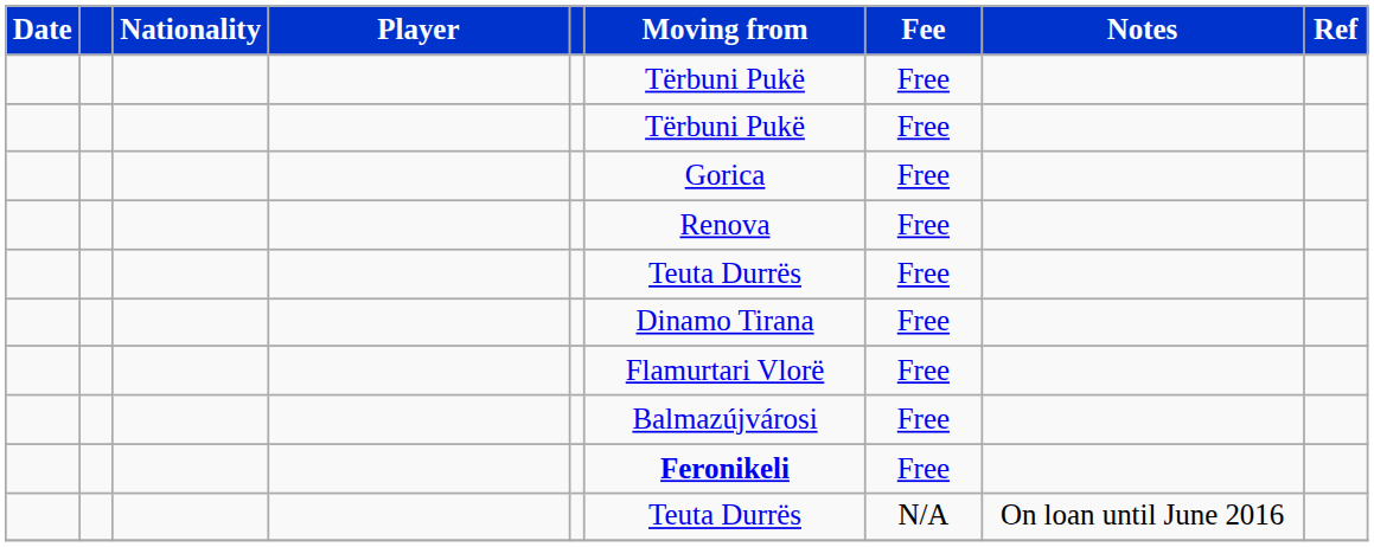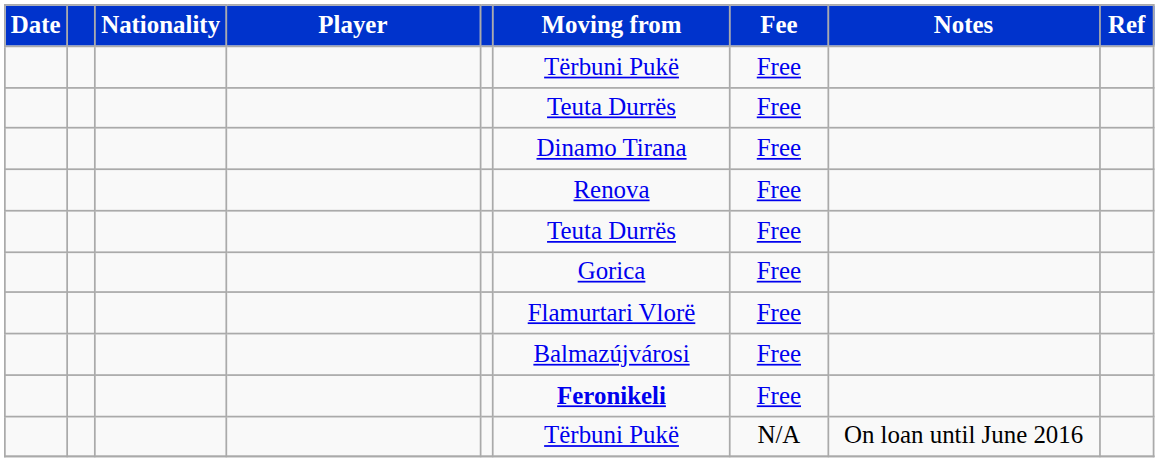 <table class="wikitable"  style="text-align:center; font-size:90%; ">
 <tr>
 <th style="background:#03c; color:white; width:15px;">Date</th>
 <th style="background:#03c; color:white; width:10px;"></th>
 <th style="background:#03c; color:white; width:10px;">Nationality</th>
 <th style="background:#03c; color:white; width:140px;">Player</th>
 <th style="background:#03c; color:white; width:1px;"></th>
 <th style="background:#03c; color:white; width:130px;">Moving from</th>
 <th style="background:#03c; color:white; width:50px;">Fee</th>
 <th style="background:#03c; color:white; width:150px;">Notes</th>
 <th style="background:#03c; color:white; width:25px;">Ref</th>
 </tr>
 <tr>
 <td></td>
 <td align=center></td>
 <td align=center></td>
 <td></td>
 <td></td>
 <td><a href='#'>Tërbuni Pukë</a></td>
 <td align=center><a href='#'>Free</a></td>
 <td align=center></td>
 <td align=center></td>
 </tr>
 <tr>
 <td></td>
 <td align=center></td>
 <td align=center></td>
 <td></td>
 <td></td>
-<td><a href='#'>Tërbuni Pukë</a></td>
+<td><a href='#'>Teuta Durrës</a></td>
 <td align=center><a href='#'>Free</a></td>
 <td align=center></td>
 <td align=center></td>
 </tr>
 <tr>
 <td></td>
 <td align=center></td>
 <td align=center></td>
 <td></td>
 <td></td>
-<td><a href='#'>Gorica</a></td>
+<td><a href='#'>Dinamo Tirana</a></td>
 <td align=center><a href='#'>Free</a></td>
 <td align=center></td>
 <td align=center></td>
 </tr>
 <tr>
 <td></td>
 <td align=center></td>
 <td align=center></td>
 <td></td>
 <td></td>
 <td><a href='#'>Renova</a></td>
 <td align=center><a href='#'>Free</a></td>
 <td align=center></td>
 <td align=center></td>
 </tr>
 <tr>
 <td></td>
 <td align=center></td>
 <td align=center></td>
 <td></td>
 <td></td>
 <td><a href='#'>Teuta Durrës</a></td>
 <td align=center><a href='#'>Free</a></td>
 <td align=center></td>
 <td align=center></td>
 </tr>
 <tr>
 <td></td>
 <td align=center></td>
 <td align=center></td>
 <td></td>
 <td></td>
-<td><a href='#'>Dinamo Tirana</a></td>
+<td><a href='#'>Gorica</a></td>
 <td align=center><a href='#'>Free</a></td>
 <td align=center></td>
 <td align=center></td>
 </tr>
 <tr>
 <td></td>
 <td align=center></td>
 <td align=center></td>
 <td></td>
 <td></td>
 <td><a href='#'>Flamurtari Vlorë</a></td>
 <td align=center><a href='#'>Free</a></td>
 <td align=center></td>
 <td align=center></td>
 </tr>
 <tr>
 <td></td>
 <td align=center></td>
 <td align=center></td>
 <td></td>
 <td></td>
 <td><a href='#'>Balmazújvárosi</a></td>
 <td align=center><a href='#'>Free</a></td>
 <td align=center></td>
 <td align=center></td>
 </tr>
 <tr>
 <td></td>
 <td align=center></td>
 <td align=center></td>
 <td></td>
 <td></td>
 <td><strong><a href='#'>Feronikeli</a></strong></td>
 <td align=center><a href='#'>Free</a></td>
 <td align=center></td>
 <td align=center></td>
 </tr>
 <tr>
 <td></td>
 <td align=center></td>
 <td align=center></td>
 <td></td>
 <td></td>
-<td><a href='#'>Teuta Durrës</a></td>
+<td><a href='#'>Tërbuni Pukë</a></td>
 <td align=center>N/A</td>
 <td align=center>On loan until June 2016</td>
 <td align=center></td>
 </tr>
 <tr>
 </tr>
 </table>
